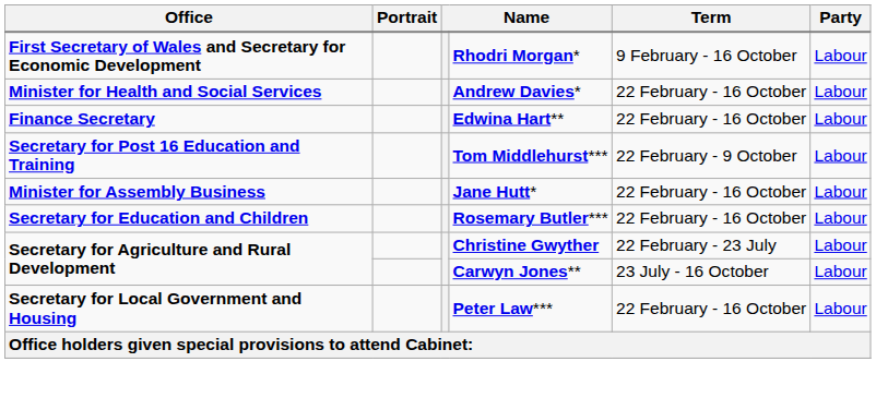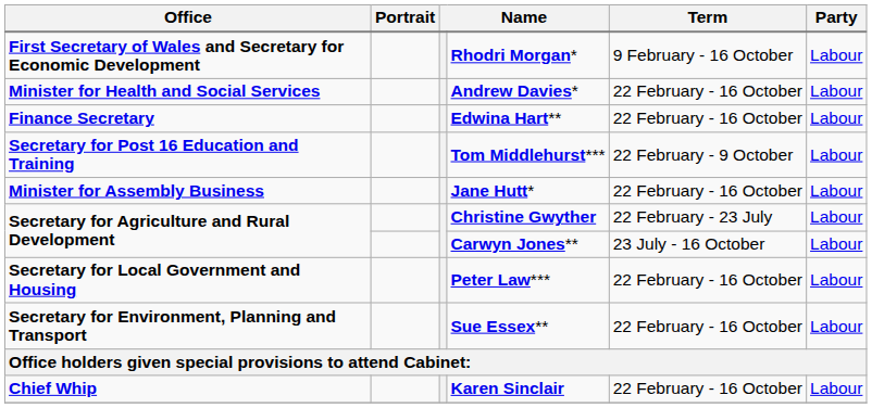 <table class="wikitable">
 <tr style="border-bottom: 2px solid gray;">
 <th style="width: 340px">Office</th>
 <th>Portrait</th>
 <th colspan="2">Name</th>
 <th>Term</th>
 <th>Party</th>
 </tr>
 <tr>
 <td><strong><a href='#'>First Secretary of Wales</a> and Secretary for Economic Development</strong></td>
 <td></td>
 <th style="background-color: "></th>
 <td><strong><a href='#'>Rhodri Morgan</a></strong>*</td>
 <td>9 February - 16 October</td>
 <td><a href='#'>Labour</a></td>
 </tr>
 <tr>
 <td><strong><a href='#'>Minister for Health and Social Services</a></strong></td>
 <td></td>
 <th style="background-color: "></th>
 <td><strong><a href='#'>Andrew Davies</a></strong>*</td>
 <td>22 February - 16 October</td>
 <td><a href='#'>Labour</a></td>
 </tr>
 <tr>
 <td><strong><a href='#'>Finance Secretary</a></strong></td>
 <td></td>
 <th style="background-color: "></th>
 <td><strong><a href='#'>Edwina Hart</a></strong>**</td>
 <td>22 February - 16 October</td>
 <td><a href='#'>Labour</a></td>
 </tr>
 <tr>
 <td><strong><a href='#'>Secretary for Post 16 Education and Training</a></strong></td>
 <td></td>
 <th style="background-color: "></th>
 <td><strong><a href='#'>Tom Middlehurst</a></strong>***</td>
 <td>22 February - 9 October</td>
 <td><a href='#'>Labour</a></td>
 </tr>
 <tr>
 <td><strong><a href='#'>Minister for Assembly Business</a></strong></td>
 <td></td>
 <th style="background-color: "></th>
 <td><strong><a href='#'>Jane Hutt</a></strong>*</td>
 <td>22 February - 16 October</td>
 <td><a href='#'>Labour</a></td>
 </tr>
 <tr>
-<td><strong><a href='#'>Secretary for Education and Children</a></strong></td>
-<td></td>
-<th style="background-color: "></th>
-<td><strong><a href='#'>Rosemary Butler</a></strong>***</td>
-<td>22 February - 16 October</td>
-<td><a href='#'>Labour</a></td>
-</tr>
-<tr>
 <td rowspan="2"><strong>Secretary for Agriculture and Rural Development</strong></td>
 <td></td>
 <th rowspan="2" style="background-color:"></th>
 <td><strong><a href='#'>Christine Gwyther</a></strong></td>
 <td>22 February - 23 July</td>
 <td><a href='#'>Labour</a></td>
 </tr>
 <tr>
 <td></td>
 <td><strong><a href='#'>Carwyn Jones</a></strong>**</td>
 <td>23 July - 16 October</td>
 <td><a href='#'>Labour</a></td>
 </tr>
 <tr>
 <td><strong>Secretary for Local Government and <a href='#'>Housing</a> </strong></td>
 <td></td>
 <th style="background-color: "></th>
 <td><strong><a href='#'>Peter Law</a></strong>***</td>
 <td>22 February - 16 October</td>
 <td><a href='#'>Labour</a></td>
 </tr>
 <tr>
+<td><strong>Secretary for Environment, Planning and Transport</strong></td>
+<td></td>
+<th style="background-color: "></th>
+<td><strong><a href='#'>Sue Essex</a></strong>**</td>
+<td>22 February - 16 October</td>
+<td><a href='#'>Labour</a></td>
+</tr>
+<tr>
 <th colspan="6" style="text-align:left">Office holders given special provisions to attend Cabinet:</th>
+</tr>
+<tr>
+<td><strong><a href='#'>Chief Whip</a></strong></td>
+<td></td>
+<th style="background-color: "></th>
+<td><strong><a href='#'>Karen Sinclair</a></strong></td>
+<td>22 February - 16 October</td>
+<td><a href='#'>Labour</a></td>
 </tr>
 <tr>
 </tr>
 </table>
